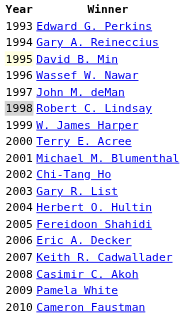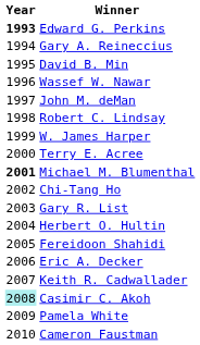 <table>
 <tr>
 <th>Year</th>
 <th>Winner</th>
 </tr>
 <tr>
-<td>1993</td>
+<td><strong>1993</strong></td>
 <td><a href='#'>Edward G. Perkins</a></td>
 </tr>
 <tr>
 <td>1994</td>
 <td><a href='#'>Gary A. Reineccius</a></td>
 </tr>
 <tr>
-<td style="background: lightyellow;">1995</td>
+<td>1995</td>
 <td><a href='#'>David B. Min</a></td>
 </tr>
 <tr>
 <td>1996</td>
 <td><a href='#'>Wassef W. Nawar</a></td>
 </tr>
 <tr>
 <td>1997</td>
 <td><a href='#'>John M. deMan</a></td>
 </tr>
 <tr>
-<td style="background: lightgrey;">1998</td>
+<td>1998</td>
 <td><a href='#'>Robert C. Lindsay</a></td>
 </tr>
 <tr>
 <td>1999</td>
 <td><a href='#'>W. James Harper</a></td>
 </tr>
 <tr>
 <td>2000</td>
 <td><a href='#'>Terry E. Acree</a></td>
 </tr>
 <tr>
-<td>2001</td>
+<td><strong>2001</strong></td>
 <td><a href='#'>Michael M. Blumenthal</a></td>
 </tr>
 <tr>
 <td>2002</td>
 <td><a href='#'>Chi-Tang Ho</a></td>
 </tr>
 <tr>
 <td>2003</td>
 <td><a href='#'>Gary R. List</a></td>
 </tr>
 <tr>
 <td>2004</td>
 <td><a href='#'>Herbert O. Hultin</a></td>
 </tr>
 <tr>
 <td>2005</td>
 <td><a href='#'>Fereidoon Shahidi</a></td>
 </tr>
 <tr>
 <td>2006</td>
 <td><a href='#'>Eric A. Decker</a></td>
 </tr>
 <tr>
 <td>2007</td>
 <td><a href='#'>Keith R. Cadwallader</a></td>
 </tr>
 <tr>
-<td>2008</td>
+<td style="background: paleturquoise;">2008</td>
 <td><a href='#'>Casimir C. Akoh</a></td>
 </tr>
 <tr>
 <td>2009</td>
 <td><a href='#'>Pamela White</a></td>
 </tr>
 <tr>
 <td>2010</td>
 <td><a href='#'>Cameron Faustman</a></td>
 </tr>
 </table>
